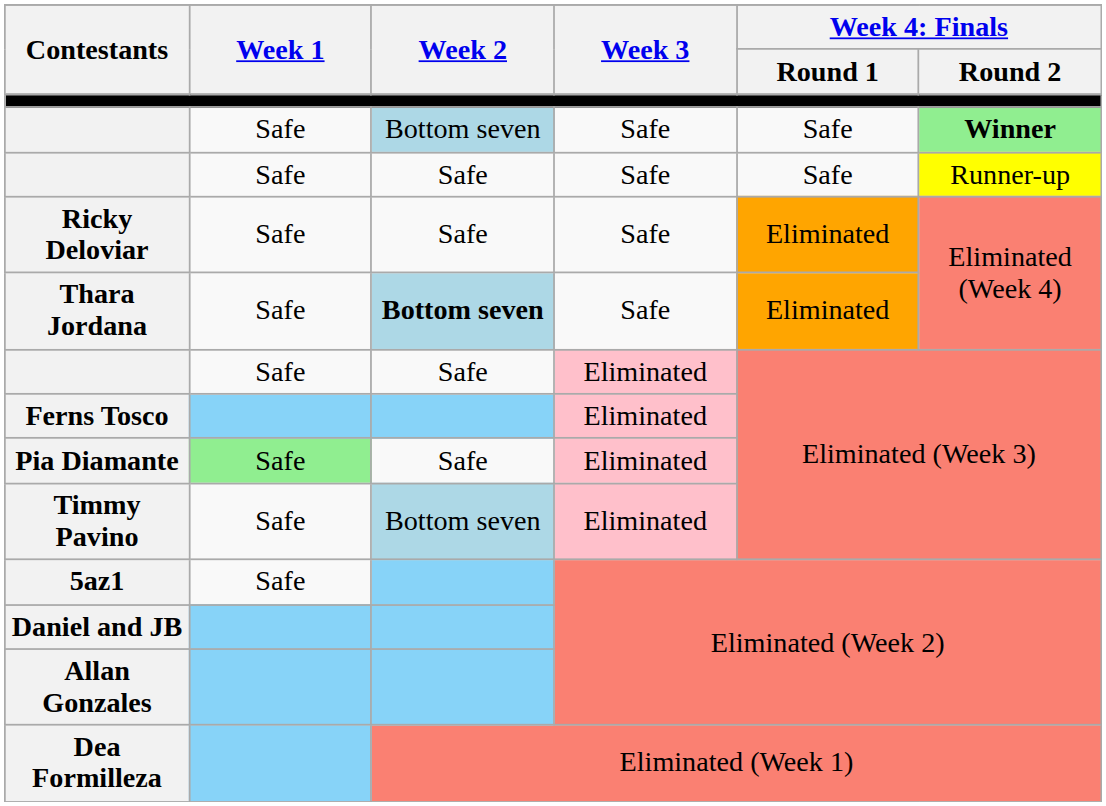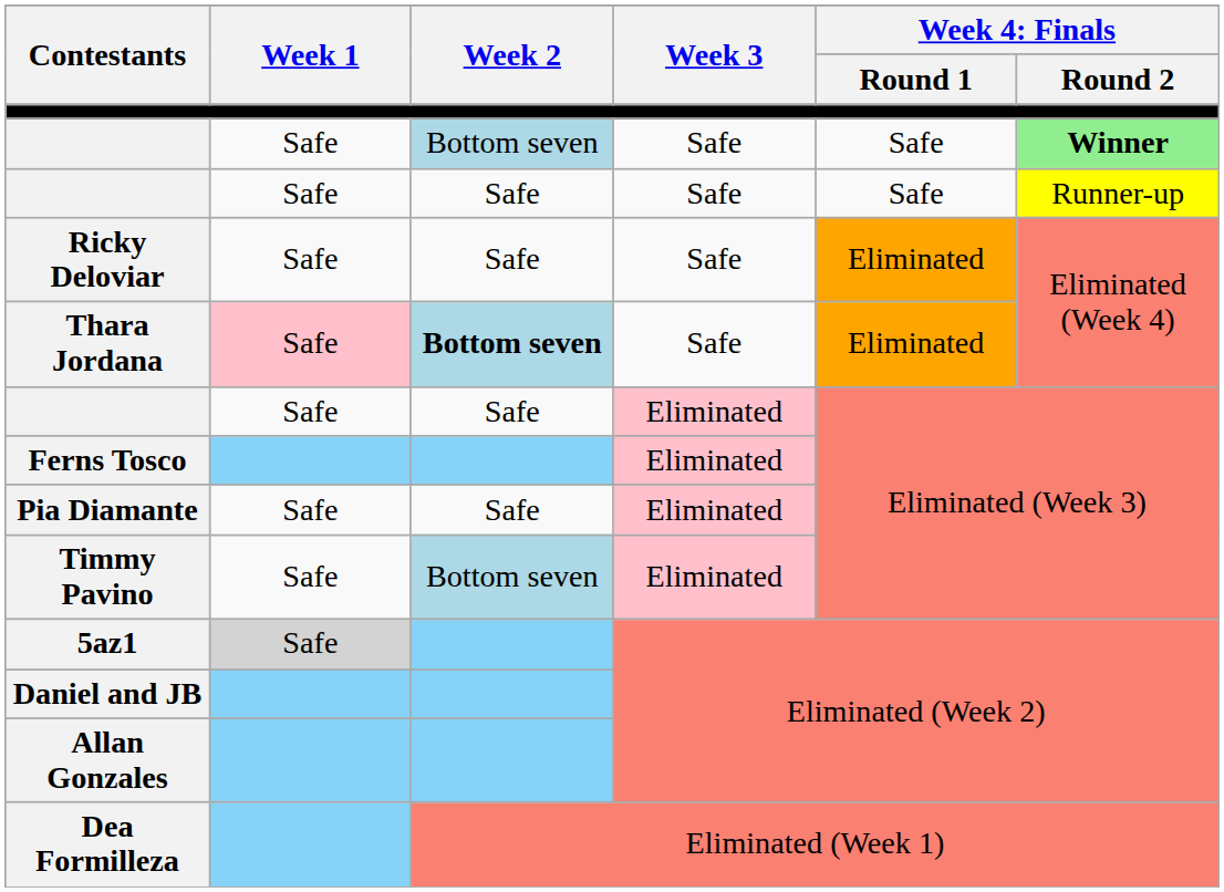 <table class="wikitable" style="text-align:center; font-size:100%" width="100%">
 <tr>
 </tr>
 <tr>
 <th style="width:14%" scope="col" rowspan="2">Contestants</th>
 <th style="width:14%" scope="col" rowspan="2"><a href='#'>Week 1</a></th>
 <th style="width:14%" scope="col" rowspan="2"><a href='#'>Week 2</a></th>
 <th style="width:14%" scope="col" rowspan="2"><a href='#'>Week 3</a></th>
 <th style="width:28%" scope="col" colspan="2"><a href='#'>Week 4: Finals</a></th>
 </tr>
 <tr>
 <th style="width:14%" scope="col">Round 1</th>
 <th style="width:14%" scope="col">Round 2</th>
 </tr>
 <tr>
 <td scope="row" colspan="7" style="background:black;"></td>
 </tr>
 <tr>
 <th scope="row"></th>
 <td>Safe</td>
 <td style="background:lightblue;">Bottom seven</td>
 <td>Safe</td>
 <td>Safe</td>
 <th style="background:lightgreen;" colspan="5">Winner</th>
 </tr>
 <tr>
 <th scope="row"></th>
 <td>Safe</td>
 <td>Safe</td>
 <td>Safe</td>
 <td>Safe</td>
 <td style="background:yellow;" colspan="5">Runner-up</td>
 </tr>
 <tr>
 <th scope="row">Ricky Deloviar</th>
 <td>Safe</td>
 <td>Safe</td>
 <td>Safe</td>
 <td style="background:orange;">Eliminated</td>
 <td style="background:salmon;" rowspan="2" colspan="4">Eliminated (Week 4)</td>
 </tr>
 <tr>
 <th scope="row">Thara Jordana</th>
-<td>Safe</td>
+<td style="background: pink;">Safe</td>
 <td style="background:lightblue;"><strong>Bottom seven</strong></td>
 <td>Safe</td>
 <td style="background:orange;">Eliminated</td>
 </tr>
 <tr>
 <th scope="row"></th>
 <td>Safe</td>
 <td>Safe</td>
 <td style="background:pink;">Eliminated</td>
 <td style="background:salmon;" rowspan="4" colspan="3">Eliminated (Week 3)</td>
 </tr>
 <tr>
 <th scope="row">Ferns Tosco</th>
 <td style="background:#87D3F8;"></td>
 <td style="background:#87D3F8;"></td>
 <td style="background:pink;">Eliminated</td>
 </tr>
 <tr>
 <th scope="row">Pia Diamante</th>
-<td style="background: lightgreen;">Safe</td>
+<td>Safe</td>
 <td>Safe</td>
 <td style="background:pink;">Eliminated</td>
 </tr>
 <tr>
 <th scope="row">Timmy Pavino</th>
 <td>Safe</td>
 <td style="background:lightblue;">Bottom seven</td>
 <td style="background:pink;">Eliminated</td>
 </tr>
 <tr>
 <th scope="row">5az1</th>
-<td>Safe</td>
+<td style="background: lightgrey;">Safe</td>
 <td style="background:#87D3F8;"></td>
 <td style="background:salmon;" rowspan="3" colspan="4">Eliminated (Week 2)</td>
 </tr>
 <tr>
 <th scope="row">Daniel and JB</th>
 <td style="background:#87D3F8;"></td>
 <td style="background:#87D3F8;"></td>
 </tr>
 <tr>
 <th scope="row">Allan Gonzales</th>
 <td style="background:#87D3F8;"></td>
 <td style="background:#87D3F8;"></td>
 </tr>
 <tr>
 <th scope="row">Dea Formilleza</th>
 <td style="background:#87D3F8;"></td>
 <td style="background:salmon;" colspan="5">Eliminated (Week 1)</td>
 </tr>
 <tr>
 </tr>
 </table>
